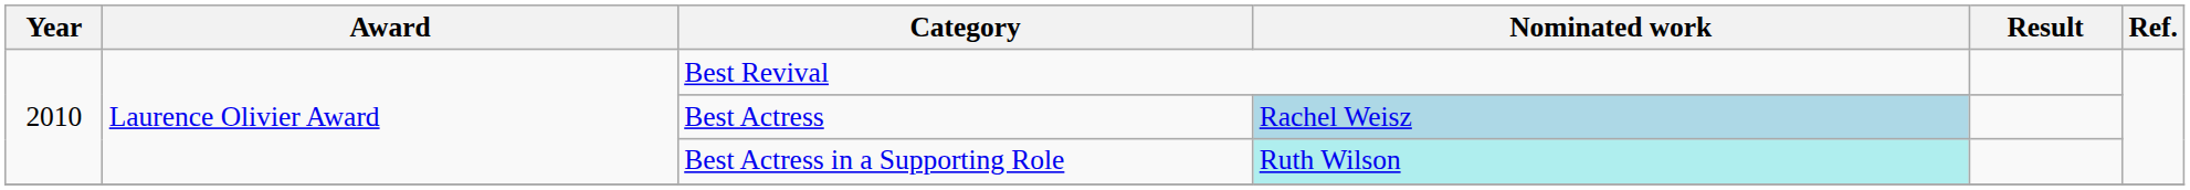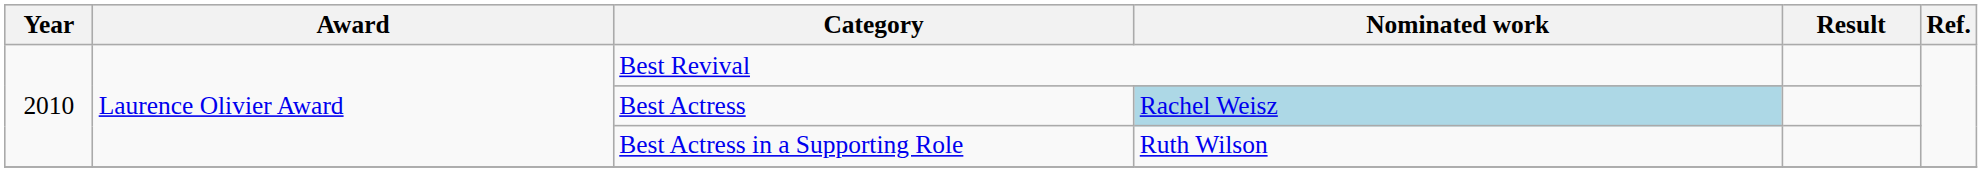 <table class=wikitable>
 <tr>
 <th scope="col" style="width:3em;">Year</th>
 <th scope="col" style="width:20em;">Award</th>
 <th scope="col" style="width:20em;">Category</th>
 <th scope="col" style="width:25em;">Nominated work</th>
 <th scope="col" style="width:5em;">Result</th>
 <th>Ref.</th>
 </tr>
 <tr>
 <td style="text-align:center;", rowspan=3>2010</td>
 <td rowspan=3><a href='#'>Laurence Olivier Award</a></td>
 <td colspan=2><a href='#'>Best Revival</a></td>
 <td></td>
 <td rowspan=3></td>
 </tr>
 <tr>
 <td><a href='#'>Best Actress</a></td>
 <td style="background: lightblue;"><a href='#'>Rachel Weisz</a></td>
 <td></td>
 </tr>
 <tr>
 <td><a href='#'>Best Actress in a Supporting Role</a></td>
-<td style="background: paleturquoise;"><a href='#'>Ruth Wilson</a></td>
+<td><a href='#'>Ruth Wilson</a></td>
 <td></td>
 </tr>
 <tr>
 </tr>
 </table>
